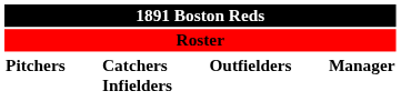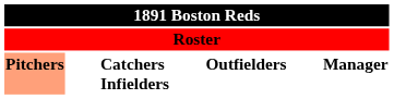 <table class="toccolours" style="font-size: 95%;">
 <tr>
 <th colspan="10" style="background-color: black; color: white; text-align: center;">1891 Boston Reds</th>
 </tr>
 <tr>
 <td colspan="10" style="background-color: red; color: black; text-align: center;"><strong>Roster</strong></td>
 </tr>
 <tr>
-<td valign="top"><strong>Pitchers</strong><br>      </td>
+<td valign="top" style="background: lightsalmon;"><strong>Pitchers</strong><br>      </td>
 <td width="25px"></td>
 <td valign="top"><strong>Catchers</strong><br>      <strong>Infielders</strong>      </td>
 <td width="25px"></td>
 <td valign="top"><strong>Outfielders</strong><br>     </td>
 <td width="25px"></td>
 <td valign="top"><strong>Manager</strong><br></td>
 </tr>
 </table>
